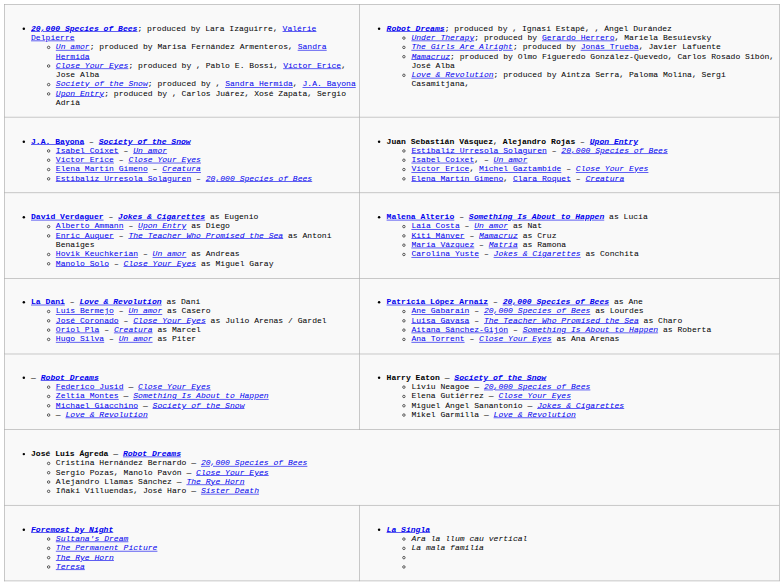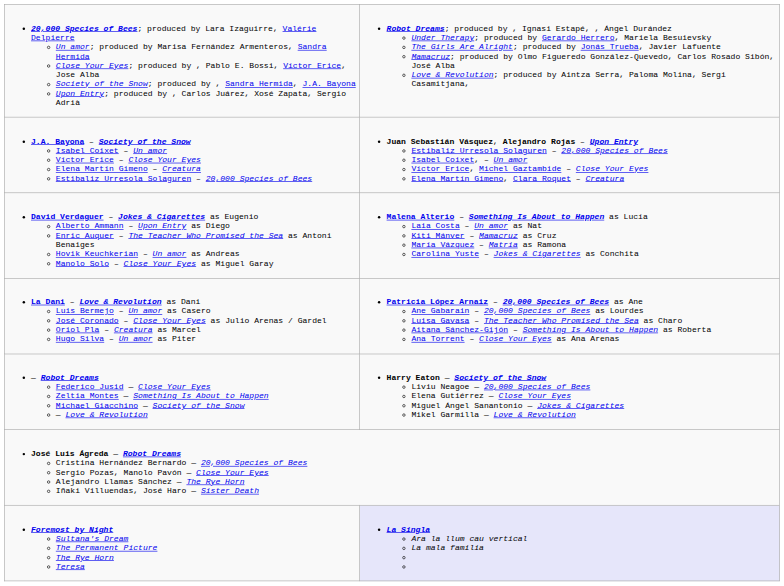 <table class=wikitable style="width=100%">
 <tr>
 <td valign="top" style="width=50%"><br><ul><li><strong><em><a href='#'>20,000 Species of Bees</a></em></strong>; produced by Lara Izaguirre, <a href='#'>Valérie Delpierre</a><ul><li><em><a href='#'>Un amor</a></em>; produced by Marisa Fernández Armenteros, <a href='#'>Sandra Hermida</a></li><li><em><a href='#'>Close Your Eyes</a></em>; produced by , Pablo E. Bossi, <a href='#'>Víctor Erice</a>, Jose Alba</li><li><em><a href='#'>Society of the Snow</a></em>; produced by , <a href='#'>Sandra Hermida</a>, <a href='#'>J.A. Bayona</a></li><li><em><a href='#'>Upon Entry</a></em>; produced by , Carlos Juárez, Xosé Zapata, Sergio Adrià</li></ul></li></ul></td>
 <td valign="top" style="width=50%"><br><ul><li><strong><em><a href='#'>Robot Dreams</a></em></strong>; produced by , Ignasi Estapé, , Ángel Durández<ul><li><em><a href='#'>Under Therapy</a></em>; produced by <a href='#'>Gerardo Herrero</a>, Mariela Besuievsky</li><li><em><a href='#'>The Girls Are Alright</a></em>; produced by <a href='#'>Jonás Trueba</a>, Javier Lafuente</li><li><em><a href='#'>Mamacruz</a></em>; produced by Olmo Figueredo González-Quevedo, Carlos Rosado Sibón, José Alba</li><li><em><a href='#'>Love & Revolution</a></em>; produced by Aintza Serra, Paloma Molina, Sergi Casamitjana, </li></ul></li></ul></td>
 </tr>
 <tr>
 <td valign="top"><br><ul><li><strong><a href='#'>J.A. Bayona</a></strong> – <strong><em><a href='#'>Society of the Snow</a></em></strong><ul><li><a href='#'>Isabel Coixet</a> – <em><a href='#'>Un amor</a></em></li><li><a href='#'>Víctor Erice</a> – <em><a href='#'>Close Your Eyes</a></em></li><li><a href='#'>Elena Martín Gimeno</a> – <em><a href='#'>Creatura</a></em></li><li><a href='#'>Estibaliz Urresola Solaguren</a> – <em><a href='#'>20,000 Species of Bees</a></em></li></ul></li></ul></td>
 <td valign="top"><br><ul><li><strong>Juan Sebastián Vásquez</strong>, <strong>Alejandro Rojas</strong> – <strong><em><a href='#'>Upon Entry</a></em></strong><ul><li><a href='#'>Estibaliz Urresola Solaguren</a> – <em><a href='#'>20,000 Species of Bees</a></em></li><li><a href='#'>Isabel Coixet</a>,  – <em><a href='#'>Un amor</a></em></li><li><a href='#'>Víctor Erice</a>, <a href='#'>Michel Gaztambide</a> – <em><a href='#'>Close Your Eyes</a></em></li><li><a href='#'>Elena Martín Gimeno</a>, <a href='#'>Clara Roquet</a> – <em><a href='#'>Creatura</a></em></li></ul></li></ul></td>
 </tr>
 <tr>
 <td valign="top"><br><ul><li><strong><a href='#'>David Verdaguer</a></strong> – <strong><em><a href='#'>Jokes & Cigarettes</a></em></strong> as Eugenio<ul><li><a href='#'>Alberto Ammann</a> – <em><a href='#'>Upon Entry</a></em> as Diego</li><li><a href='#'>Enric Auquer</a> – <em><a href='#'>The Teacher Who Promised the Sea</a></em> as Antoni Benaiges</li><li><a href='#'>Hovik Keuchkerian</a> – <em><a href='#'>Un amor</a></em> as Andreas</li><li><a href='#'>Manolo Solo</a> – <em><a href='#'>Close Your Eyes</a></em> as Miguel Garay</li></ul></li></ul></td>
 <td valign="top"><br><ul><li><strong><a href='#'>Malena Alterio</a></strong> – <strong><em><a href='#'>Something Is About to Happen</a></em></strong> as Lucía<ul><li><a href='#'>Laia Costa</a> – <em><a href='#'>Un amor</a></em> as Nat</li><li><a href='#'>Kiti Mánver</a> – <em><a href='#'>Mamacruz</a></em> as Cruz</li><li><a href='#'>María Vázquez</a> – <em><a href='#'>Matria</a></em> as Ramona</li><li><a href='#'>Carolina Yuste</a> – <em><a href='#'>Jokes & Cigarettes</a></em> as Conchita</li></ul></li></ul></td>
 </tr>
 <tr>
 <td valign="top"><br><ul><li><strong><a href='#'>La Dani</a></strong> – <strong><em><a href='#'>Love & Revolution</a></em></strong> as Dani<ul><li><a href='#'>Luis Bermejo</a> – <em><a href='#'>Un amor</a></em> as Casero</li><li><a href='#'>José Coronado</a> – <em><a href='#'>Close Your Eyes</a></em> as Julio Arenas / Gardel</li><li><a href='#'>Oriol Pla</a> – <em><a href='#'>Creatura</a></em> as Marcel</li><li><a href='#'>Hugo Silva</a> – <em><a href='#'>Un amor</a></em> as Piter</li></ul></li></ul></td>
 <td valign="top"><br><ul><li><strong><a href='#'>Patricia López Arnaiz</a></strong> – <strong><em><a href='#'>20,000 Species of Bees</a></em></strong> as Ane<ul><li><a href='#'>Ane Gabarain</a> – <em><a href='#'>20,000 Species of Bees</a></em> as Lourdes</li><li><a href='#'>Luisa Gavasa</a> – <em><a href='#'>The Teacher Who Promised the Sea</a></em> as Charo</li><li><a href='#'>Aitana Sánchez-Gijón</a> – <em><a href='#'>Something Is About to Happen</a></em> as Roberta</li><li><a href='#'>Ana Torrent</a> – <em><a href='#'>Close Your Eyes</a></em> as Ana Arenas</li></ul></li></ul></td>
 </tr>
 <tr>
 <td valign="top"><br><ul><li><strong></strong> — <strong><em><a href='#'>Robot Dreams</a></em></strong><ul><li><a href='#'>Federico Jusid</a> — <em><a href='#'>Close Your Eyes</a></em></li><li><a href='#'>Zeltia Montes</a> — <em><a href='#'>Something Is About to Happen</a></em></li><li><a href='#'>Michael Giacchino</a> — <em><a href='#'>Society of the Snow</a></em></li><li> — <em><a href='#'>Love & Revolution</a></em></li></ul></li></ul></td>
 <td valign="top"><br><ul><li><strong>Harry Eaton</strong> — <strong><em><a href='#'>Society of the Snow</a></em></strong><ul><li>Liviu Neagoe — <em><a href='#'>20,000 Species of Bees</a></em></li><li>Elena Gutiérrez — <em><a href='#'>Close Your Eyes</a></em></li><li>Miguel Ángel Sanantonio — <em><a href='#'>Jokes & Cigarettes</a></em></li><li>Mikel Garmilla — <em><a href='#'>Love & Revolution</a></em></li></ul></li></ul></td>
 </tr>
 <tr>
 <td colspan = "2" valign="top"><br><ul><li><strong>José Luis Ágreda</strong> — <strong><em><a href='#'>Robot Dreams</a></em></strong><ul><li>Cristina Hernández Bernardo — <em><a href='#'>20,000 Species of Bees</a></em></li><li>Sergio Pozas, Manolo Pavón — <em><a href='#'>Close Your Eyes</a></em></li><li>Alejandro Llamas Sánchez — <em><a href='#'>The Rye Horn</a></em></li><li>Iñaki Villuendas, José Haro — <em><a href='#'>Sister Death</a></em></li></ul></li></ul></td>
 </tr>
 <tr>
 <td style="vertical-align:top;"><br><ul><li><strong><em><a href='#'>Foremost by Night</a></em></strong><ul><li><em><a href='#'>Sultana's Dream</a></em></li><li><em><a href='#'>The Permanent Picture</a></em></li><li><em><a href='#'>The Rye Horn</a></em></li><li><em><a href='#'>Teresa</a></em></li></ul></li></ul></td>
-<td valign="top"><br><ul><li><strong><em><a href='#'>La Singla</a></em></strong><ul><li><em>Ara la llum cau vertical</em></li><li><em>La mala familia</em></li><li><em></em></li><li><em></em></li></ul></li></ul></td>
+<td valign="top" style="background: lavender;"><br><ul><li><strong><em><a href='#'>La Singla</a></em></strong><ul><li><em>Ara la llum cau vertical</em></li><li><em>La mala familia</em></li><li><em></em></li><li><em></em></li></ul></li></ul></td>
 </tr>
 </table>
